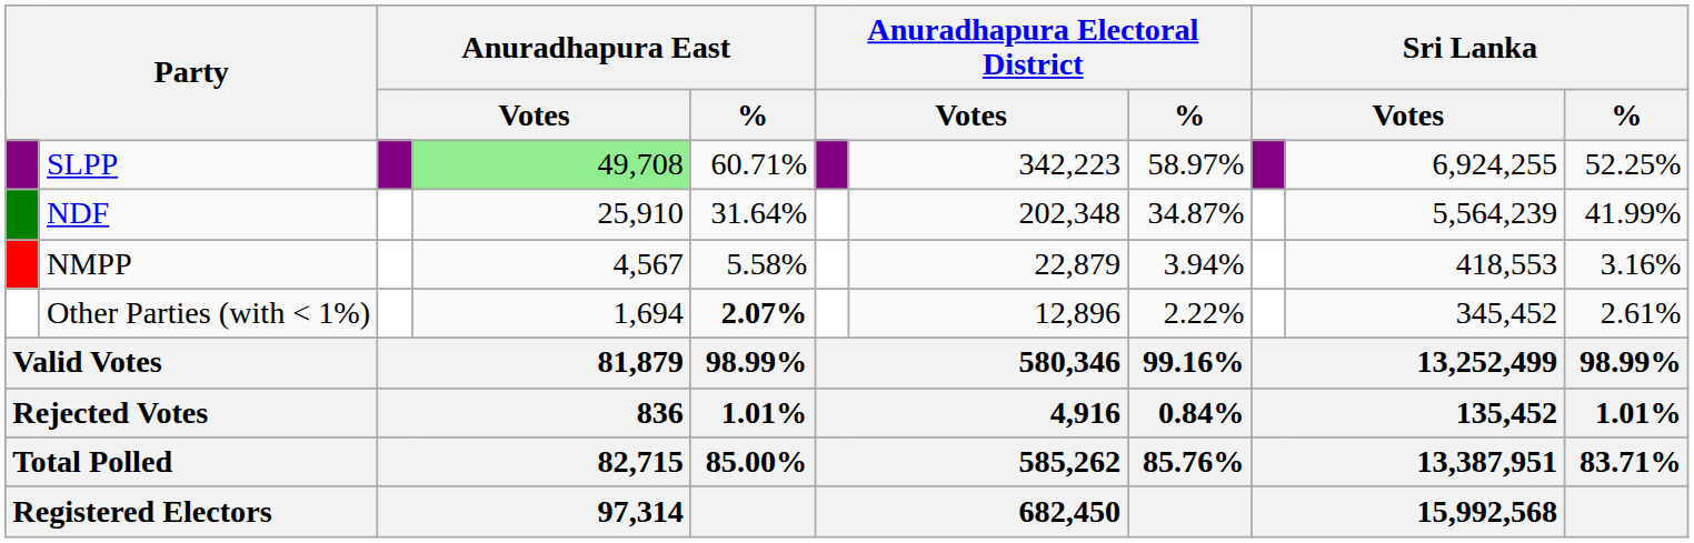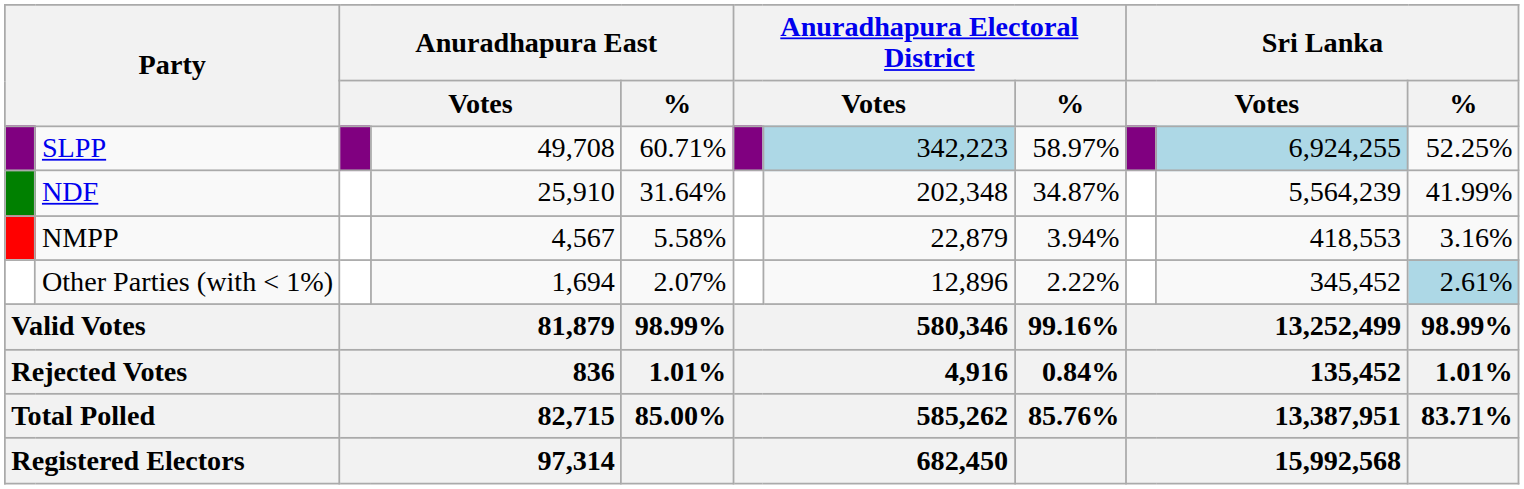 <table class="wikitable">
 <tr>
 <th colspan="2" width="144px"rowspan="2">Party</th>
 <th colspan="3" width="216px">Anuradhapura East</th>
 <th colspan="3" width="216px"><a href='#'>Anuradhapura Electoral District</a></th>
 <th colspan="3" width="216px">Sri Lanka</th>
 </tr>
 <tr>
 <th colspan="2" width="144px">Votes</th>
 <th>%</th>
 <th colspan="2" width="144px">Votes</th>
 <th>%</th>
 <th colspan="2" width="144px">Votes</th>
 <th>%</th>
 </tr>
 <tr>
 <td style="background-color:purple;" width="10px"></td>
 <td style="text-align:left;"><a href='#'>SLPP</a></td>
 <td style="background-color:purple;" width="10px"></td>
-<td style="background: lightgreen; text-align:right;">49,708</td>
+<td style="text-align:right;">49,708</td>
 <td style="text-align:right;">60.71%</td>
 <td style="background-color:purple;" width="10px"></td>
-<td style="text-align:right;">342,223</td>
+<td style="background: lightblue; text-align:right;">342,223</td>
 <td style="text-align:right;">58.97%</td>
 <td style="background-color:purple;" width="10px"></td>
-<td style="text-align:right;">6,924,255</td>
+<td style="background: lightblue; text-align:right;">6,924,255</td>
 <td style="text-align:right;">52.25%</td>
 </tr>
 <tr>
 <td style="background-color:green;" width="10px"></td>
 <td style="text-align:left;"><a href='#'>NDF</a></td>
 <td style="background-color:white;" width="10px"></td>
 <td style="text-align:right;">25,910</td>
 <td style="text-align:right;">31.64%</td>
 <td style="background-color:white;" width="10px"></td>
 <td style="text-align:right;">202,348</td>
 <td style="text-align:right;">34.87%</td>
 <td style="background-color:white;" width="10px"></td>
 <td style="text-align:right;">5,564,239</td>
 <td style="text-align:right;">41.99%</td>
 </tr>
 <tr>
 <td style="background-color:red;" width="10px"></td>
 <td style="text-align:left;">NMPP</td>
 <td style="background-color:white;" width="10px"></td>
 <td style="text-align:right;">4,567</td>
 <td style="text-align:right;">5.58%</td>
 <td style="background-color:white;" width="10px"></td>
 <td style="text-align:right;">22,879</td>
 <td style="text-align:right;">3.94%</td>
 <td style="background-color:white;" width="10px"></td>
 <td style="text-align:right;">418,553</td>
 <td style="text-align:right;">3.16%</td>
 </tr>
 <tr>
 <td style="background-color:white;" width="10px"></td>
 <td style="text-align:left;">Other Parties (with < 1%)</td>
 <td style="background-color:white;" width="10px"></td>
 <td style="text-align:right;">1,694</td>
-<td style="text-align:right;"><strong>2.07%</strong></td>
+<td style="text-align:right;">2.07%</td>
 <td style="background-color:white;" width="10px"></td>
 <td style="text-align:right;">12,896</td>
 <td style="text-align:right;">2.22%</td>
 <td style="background-color:white;" width="10px"></td>
 <td style="text-align:right;">345,452</td>
-<td style="text-align:right;">2.61%</td>
+<td style="background: lightblue; text-align:right;">2.61%</td>
 </tr>
 <tr>
 <th colspan="2" width="144px"style="text-align:left;">Valid Votes</th>
 <th style="text-align:right;"colspan="2" width="144px">81,879</th>
 <th style="text-align:right;">98.99%</th>
 <th style="text-align:right;"colspan="2" width="144px">580,346</th>
 <th style="text-align:right;">99.16%</th>
 <th style="text-align:right;"colspan="2" width="144px">13,252,499</th>
 <th style="text-align:right;">98.99%</th>
 </tr>
 <tr>
 <th colspan="2" width="144px"style="text-align:left;">Rejected Votes</th>
 <th style="text-align:right;"colspan="2" width="144px">836</th>
 <th style="text-align:right;">1.01%</th>
 <th style="text-align:right;"colspan="2" width="144px">4,916</th>
 <th style="text-align:right;">0.84%</th>
 <th style="text-align:right;"colspan="2" width="144px">135,452</th>
 <th style="text-align:right;">1.01%</th>
 </tr>
 <tr>
 <th colspan="2" width="144px"style="text-align:left;">Total Polled</th>
 <th style="text-align:right;"colspan="2" width="144px">82,715</th>
 <th style="text-align:right;">85.00%</th>
 <th style="text-align:right;"colspan="2" width="144px">585,262</th>
 <th style="text-align:right;">85.76%</th>
 <th style="text-align:right;"colspan="2" width="144px">13,387,951</th>
 <th style="text-align:right;">83.71%</th>
 </tr>
 <tr>
 <th colspan="2" width="144px"style="text-align:left;">Registered Electors</th>
 <th style="text-align:right;"colspan="2" width="144px">97,314</th>
 <th></th>
 <th style="text-align:right;"colspan="2" width="144px">682,450</th>
 <th></th>
 <th style="text-align:right;"colspan="2" width="144px">15,992,568</th>
 <th></th>
 </tr>
 </table>
